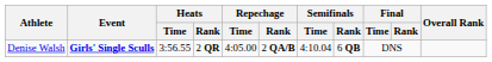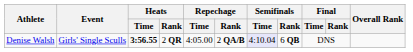 <table class="wikitable" style="font-size:90%">
 <tr>
 <th rowspan="2">Athlete</th>
 <th rowspan="2">Event</th>
 <th colspan="2">Heats</th>
 <th colspan="2">Repechage</th>
 <th colspan="2">Semifinals</th>
 <th colspan="2">Final</th>
 <th rowspan="2">Overall Rank</th>
 </tr>
 <tr>
 <th>Time</th>
 <th>Rank</th>
 <th>Time</th>
 <th>Rank</th>
 <th>Time</th>
 <th>Rank</th>
 <th>Time</th>
 <th>Rank</th>
 </tr>
 <tr>
 <td><a href='#'>Denise Walsh</a></td>
-<td><strong><a href='#'>Girls' Single Sculls</a></strong></td>
-<td align=center>3:56.55</td>
+<td><a href='#'>Girls' Single Sculls</a></td>
+<td align=center><strong>3:56.55</strong></td>
 <td align=center>2 <strong>QR</strong></td>
 <td align=center>4:05.00</td>
 <td align=center>2 <strong>QA/B</strong></td>
-<td align=center>4:10.04</td>
+<td align=center style="background: lavender;">4:10.04</td>
 <td align=center>6 <strong>QB</strong></td>
 <td align=center colspan=2>DNS</td>
 <td align=center></td>
 </tr>
 </table>
